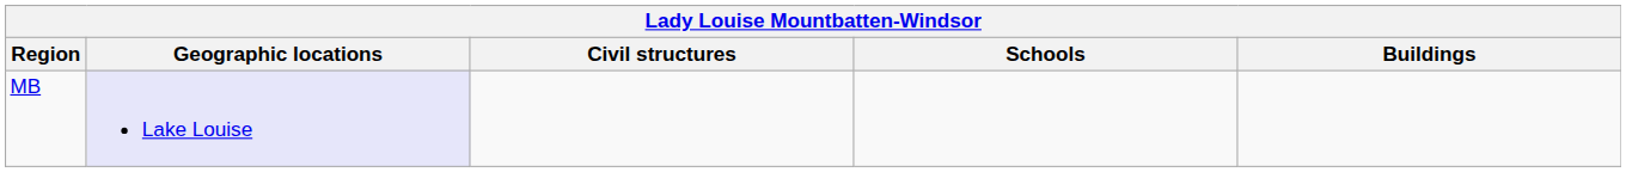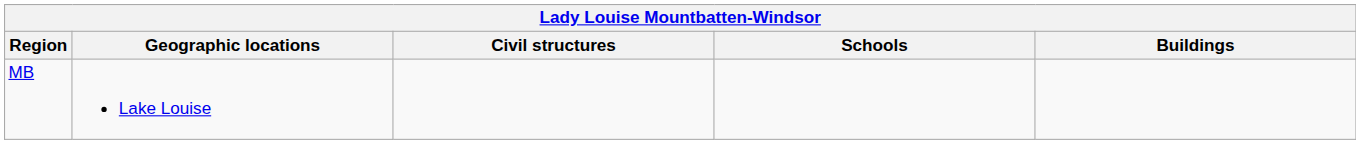 <table class="wikitable" width="100%">
 <tr>
 <th colspan="5"> <a href='#'>Lady Louise Mountbatten-Windsor</a></th>
 </tr>
 <tr>
 <th width="5%">Region</th>
 <th width="23.75%">Geographic locations</th>
 <th width="23.75%">Civil structures</th>
 <th width="23.75%">Schools</th>
 <th width="23.75%">Buildings</th>
 </tr>
 <tr>
 <td align=left valign=top> <a href='#'>MB</a></td>
-<td align=left valign=top style="background: lavender;"><br><ul><li><a href='#'>Lake Louise</a></li></ul></td>
+<td align=left valign=top><br><ul><li><a href='#'>Lake Louise</a></li></ul></td>
 <td></td>
 <td></td>
 <td></td>
 </tr>
 </table>
